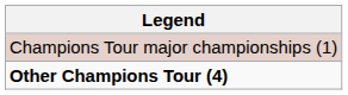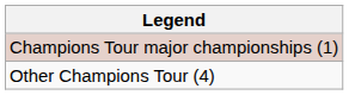 <table class="wikitable" style="font-size:95%;">
 <tr>
 <th>Legend</th>
 </tr>
 <tr style="background:#e5d1cb;">
 <td>Champions Tour major championships (1)</td>
 </tr>
 <tr>
-<td><strong>Other Champions Tour (4)</strong></td>
+<td>Other Champions Tour (4)</td>
 </tr>
 </table>
